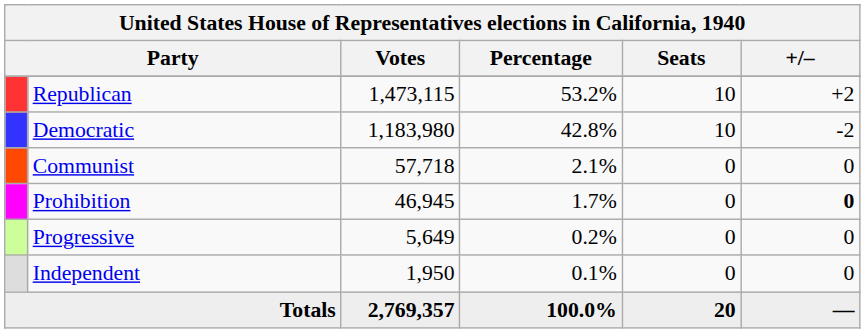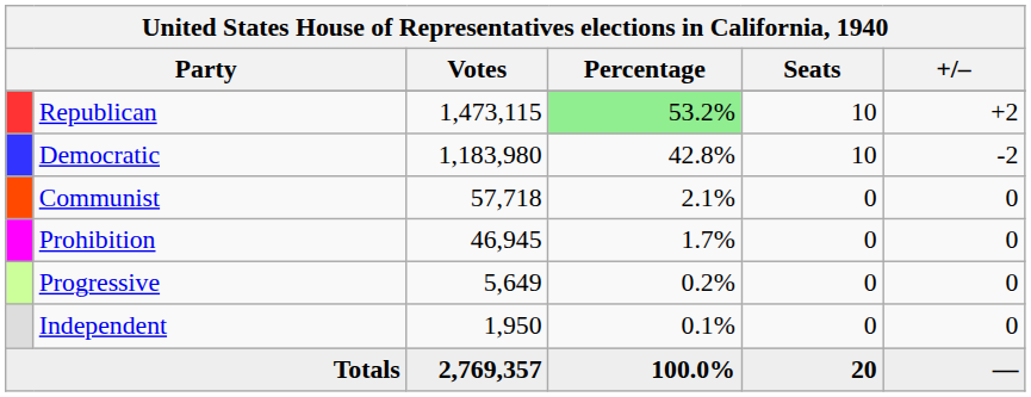 <table class="wikitable" style="font-size: 95%;">
 <tr>
 <th colspan="6">United States House of Representatives elections in California, 1940</th>
 </tr>
 <tr>
 <th colspan=2 style="width: 15em">Party</th>
 <th style="width: 5em">Votes</th>
 <th style="width: 7em">Percentage</th>
 <th style="width: 5em">Seats</th>
 <th style="width: 5em">+/–</th>
 </tr>
 <tr>
 </tr>
 <tr>
 <th style="background-color:#FF3333; width: 3px"></th>
 <td style="width: 130px"><a href='#'>Republican</a></td>
 <td style="text-align:right;">1,473,115</td>
-<td style="text-align:right;">53.2%</td>
+<td style="background: lightgreen; text-align:right;">53.2%</td>
 <td style="text-align:right;">10</td>
 <td style="text-align:right;">+2</td>
 </tr>
 <tr>
 <th style="background-color:#3333FF; width: 3px"></th>
 <td style="width: 130px"><a href='#'>Democratic</a></td>
 <td style="text-align:right;">1,183,980</td>
 <td style="text-align:right;">42.8%</td>
 <td style="text-align:right;">10</td>
 <td style="text-align:right;">-2</td>
 </tr>
 <tr>
 <th style="background-color:#FF4900; width: 3px"></th>
 <td style="width: 130px"><a href='#'>Communist</a></td>
 <td style="text-align:right;">57,718</td>
 <td style="text-align:right;">2.1%</td>
 <td style="text-align:right;">0</td>
 <td style="text-align:right;">0</td>
 </tr>
 <tr>
 <th style="background-color:#FF00FF; width: 3px"></th>
 <td style="width: 130px"><a href='#'>Prohibition</a></td>
 <td style="text-align:right;">46,945</td>
 <td style="text-align:right;">1.7%</td>
 <td style="text-align:right;">0</td>
-<td style="text-align:right;"><strong>0</strong></td>
+<td style="text-align:right;">0</td>
 </tr>
 <tr>
 <th style="background-color:#CCFF99; width: 3px"></th>
 <td style="width: 130px"><a href='#'>Progressive</a></td>
 <td style="text-align:right;">5,649</td>
 <td style="text-align:right;">0.2%</td>
 <td style="text-align:right;">0</td>
 <td style="text-align:right;">0</td>
 </tr>
 <tr>
 <th style="background-color:#DDDDDD; width: 3px"></th>
 <td style="width: 130px"><a href='#'>Independent</a></td>
 <td style="text-align:right;">1,950</td>
 <td style="text-align:right;">0.1%</td>
 <td style="text-align:right;">0</td>
 <td style="text-align:right;">0</td>
 </tr>
 <tr style="background-color:#EEEEEE;">
 <td colspan="2" align="right"><strong>Totals</strong></td>
 <td style="text-align:right;"><strong>2,769,357</strong></td>
 <td style="text-align:right;"><strong>100.0%</strong></td>
 <td style="text-align:right;"><strong>20</strong></td>
 <td style="text-align:right;"><strong>—</strong></td>
 </tr>
 </table>
